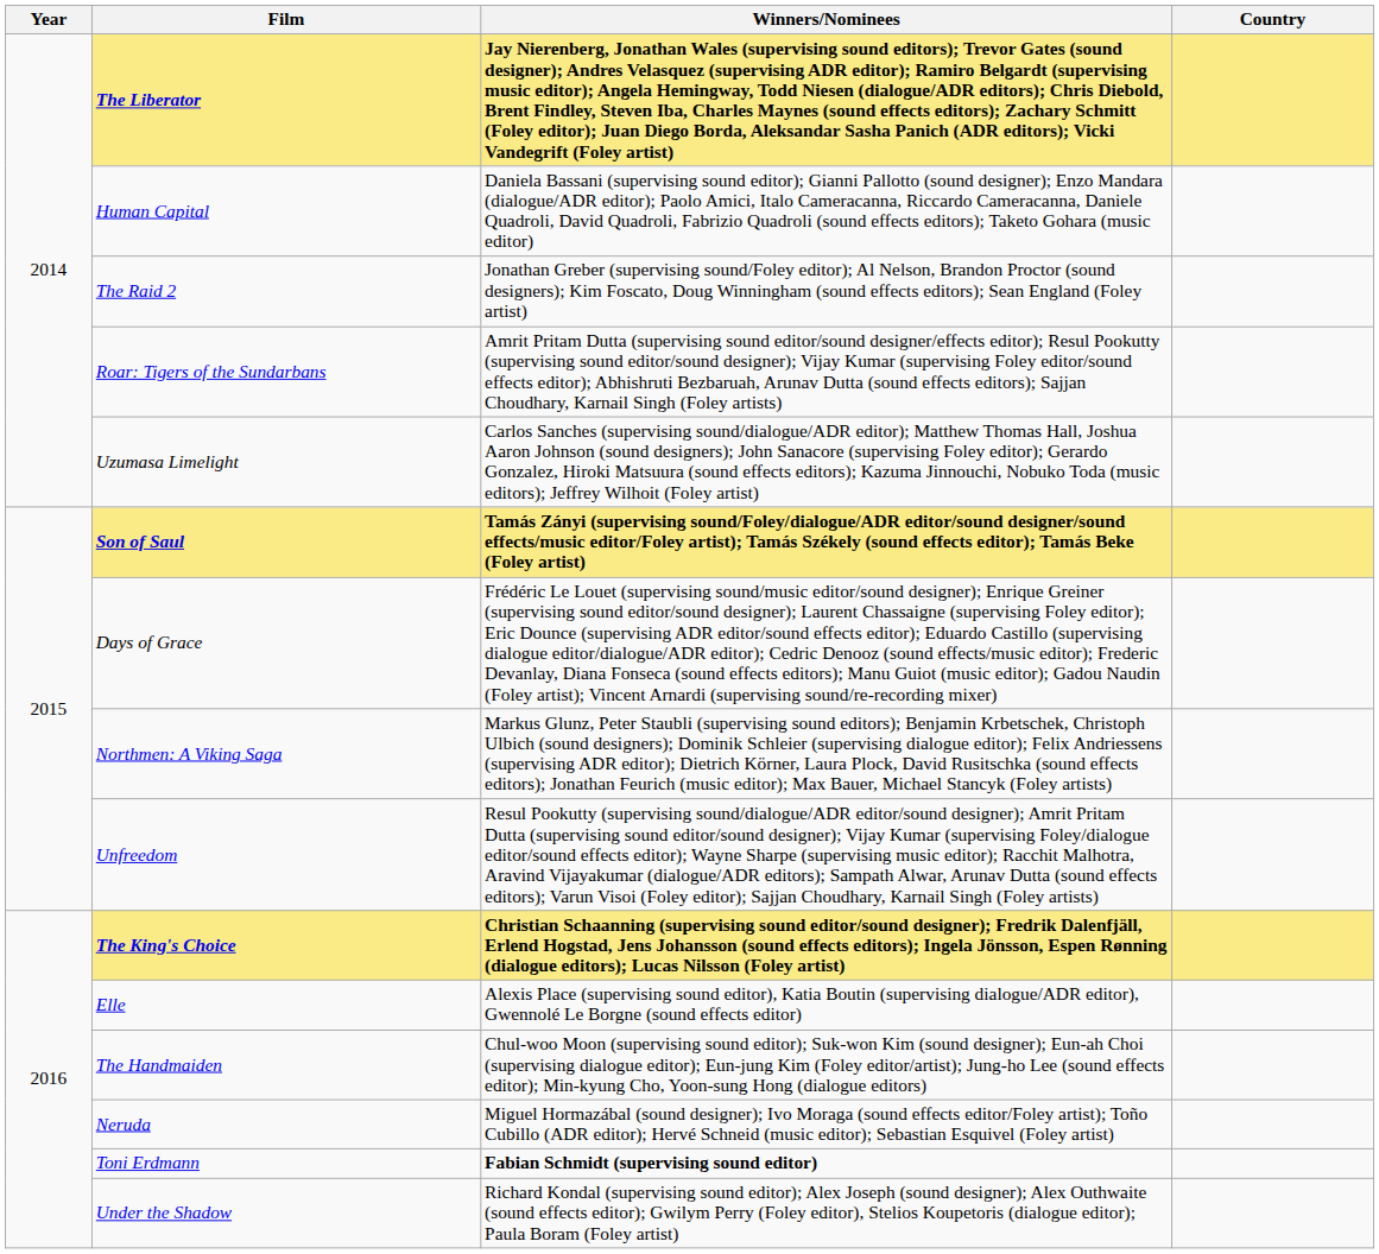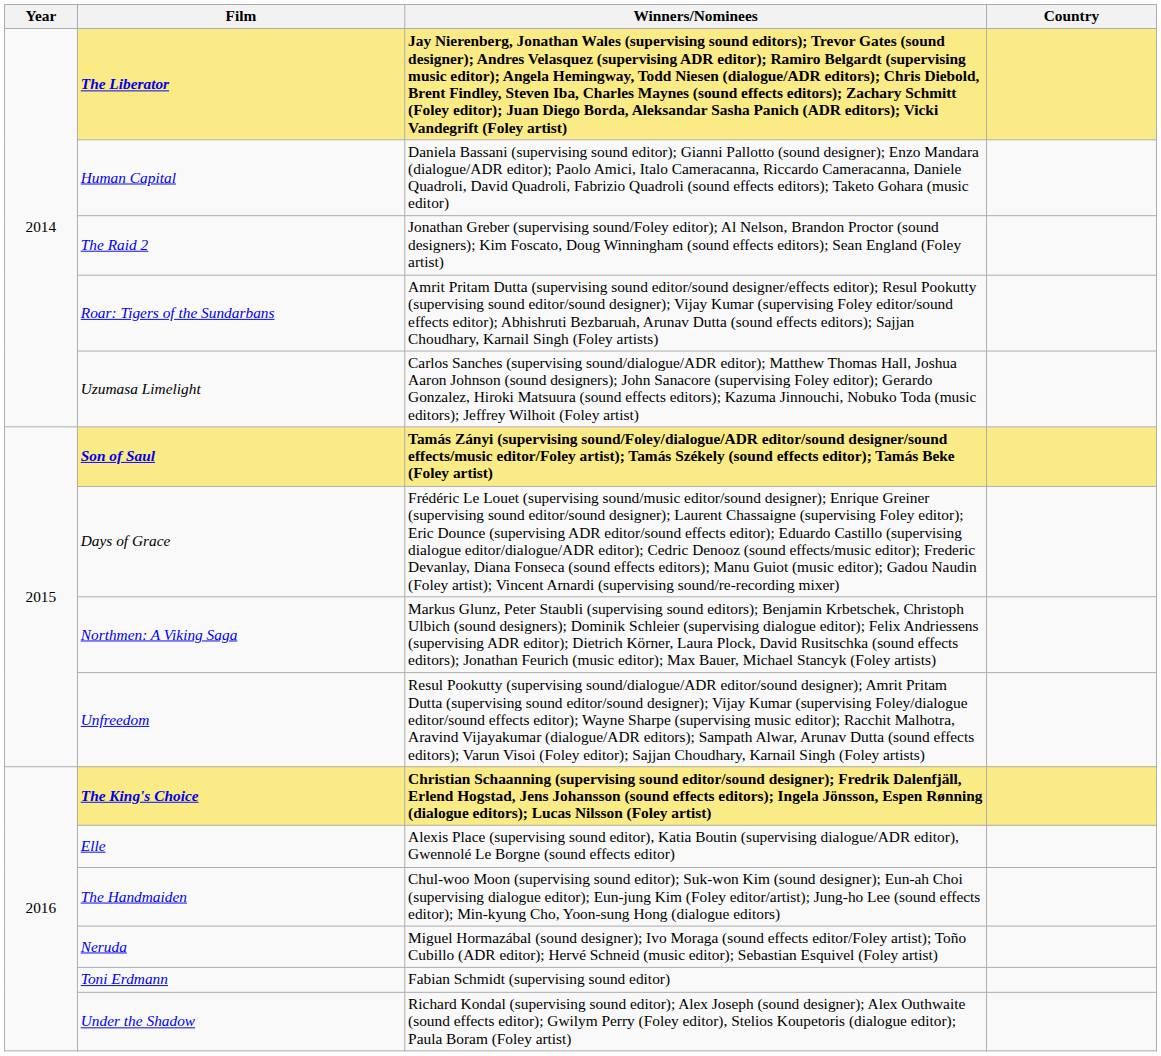 <table class="wikitable" width="95%" cellpadding="5">
 <tr>
 <th width="6%">Year</th>
 <th width="27%">Film</th>
 <th width="48%">Winners/Nominees</th>
 <th width="14%">Country</th>
 </tr>
 <tr>
 <td rowspan=5 style="text-align:center">2014<br></td>
 <td style="background:#FAEB86;"><strong><em><a href='#'>The Liberator</a></em></strong></td>
 <td style="background:#FAEB86;"><strong>Jay Nierenberg, Jonathan Wales (supervising sound editors); Trevor Gates (sound designer); Andres Velasquez (supervising ADR editor); Ramiro Belgardt (supervising music editor); Angela Hemingway, Todd Niesen (dialogue/ADR editors); Chris Diebold, Brent Findley, Steven Iba, Charles Maynes (sound effects editors); Zachary Schmitt (Foley editor); Juan Diego Borda, Aleksandar Sasha Panich (ADR editors); Vicki Vandegrift (Foley artist)</strong></td>
 <td style="background:#FAEB86;"><strong><br></strong></td>
 </tr>
 <tr>
 <td><em><a href='#'>Human Capital</a></em></td>
 <td>Daniela Bassani (supervising sound editor); Gianni Pallotto (sound designer); Enzo Mandara (dialogue/ADR editor); Paolo Amici, Italo Cameracanna, Riccardo Cameracanna, Daniele Quadroli, David Quadroli, Fabrizio Quadroli (sound effects editors); Taketo Gohara (music editor)</td>
 <td></td>
 </tr>
 <tr>
 <td><em><a href='#'>The Raid 2</a></em></td>
 <td>Jonathan Greber (supervising sound/Foley editor); Al Nelson, Brandon Proctor (sound designers); Kim Foscato, Doug Winningham (sound effects editors); Sean England (Foley artist)</td>
 <td></td>
 </tr>
 <tr>
 <td><em><a href='#'>Roar: Tigers of the Sundarbans</a></em></td>
 <td>Amrit Pritam Dutta (supervising sound editor/sound designer/effects editor); Resul Pookutty (supervising sound editor/sound designer); Vijay Kumar (supervising Foley editor/sound effects editor); Abhishruti Bezbaruah, Arunav Dutta (sound effects editors); Sajjan Choudhary, Karnail Singh (Foley artists)</td>
 <td></td>
 </tr>
 <tr>
 <td><em>Uzumasa Limelight</em></td>
 <td>Carlos Sanches (supervising sound/dialogue/ADR editor); Matthew Thomas Hall, Joshua Aaron Johnson (sound designers); John Sanacore (supervising Foley editor); Gerardo Gonzalez, Hiroki Matsuura (sound effects editors); Kazuma Jinnouchi, Nobuko Toda (music editors); Jeffrey Wilhoit (Foley artist)</td>
 <td></td>
 </tr>
 <tr>
 <td rowspan=4 style="text-align:center">2015<br></td>
 <td style="background:#FAEB86;"><strong><em><a href='#'>Son of Saul</a></em></strong></td>
 <td style="background:#FAEB86;"><strong>Tamás Zányi (supervising sound/Foley/dialogue/ADR editor/sound designer/sound effects/music editor/Foley artist); Tamás Székely (sound effects editor); Tamás Beke (Foley artist)</strong></td>
 <td style="background:#FAEB86;"><strong></strong></td>
 </tr>
 <tr>
 <td><em>Days of Grace</em></td>
 <td>Frédéric Le Louet (supervising sound/music editor/sound designer); Enrique Greiner (supervising sound editor/sound designer); Laurent Chassaigne (supervising Foley editor); Eric Dounce (supervising ADR editor/sound effects editor); Eduardo Castillo (supervising dialogue editor/dialogue/ADR editor); Cedric Denooz (sound effects/music editor); Frederic Devanlay, Diana Fonseca (sound effects editors); Manu Guiot (music editor); Gadou Naudin (Foley artist); Vincent Arnardi (supervising sound/re-recording mixer)</td>
 <td></td>
 </tr>
 <tr>
 <td><em><a href='#'>Northmen: A Viking Saga</a></em></td>
 <td>Markus Glunz, Peter Staubli (supervising sound editors); Benjamin Krbetschek, Christoph Ulbich (sound designers); Dominik Schleier (supervising dialogue editor); Felix Andriessens (supervising ADR editor); Dietrich Körner, Laura Plock, David Rusitschka (sound effects editors); Jonathan Feurich (music editor); Max Bauer, Michael Stancyk (Foley artists)</td>
 <td></td>
 </tr>
 <tr>
 <td><em><a href='#'>Unfreedom</a></em></td>
 <td>Resul Pookutty (supervising sound/dialogue/ADR editor/sound designer); Amrit Pritam Dutta (supervising sound editor/sound designer); Vijay Kumar (supervising Foley/dialogue editor/sound effects editor); Wayne Sharpe (supervising music editor); Racchit Malhotra, Aravind Vijayakumar (dialogue/ADR editors); Sampath Alwar, Arunav Dutta (sound effects editors); Varun Visoi (Foley editor); Sajjan Choudhary, Karnail Singh (Foley artists)</td>
 <td><br></td>
 </tr>
 <tr>
 <td rowspan=6 style="text-align:center">2016<br></td>
 <td style="background:#FAEB86;"><strong><em><a href='#'>The King's Choice</a></em></strong></td>
 <td style="background:#FAEB86;"><strong>Christian Schaanning (supervising sound editor/sound designer); Fredrik Dalenfjäll, Erlend Hogstad, Jens Johansson (sound effects editors); Ingela Jönsson, Espen Rønning (dialogue editors); Lucas Nilsson (Foley artist)</strong></td>
 <td style="background:#FAEB86;"><strong><br><br><br></strong></td>
 </tr>
 <tr>
 <td><em><a href='#'>Elle</a></em></td>
 <td>Alexis Place (supervising sound editor), Katia Boutin (supervising dialogue/ADR editor), Gwennolé Le Borgne (sound effects editor)</td>
 <td></td>
 </tr>
 <tr>
 <td><em><a href='#'>The Handmaiden</a></em></td>
 <td>Chul-woo Moon (supervising sound editor); Suk-won Kim (sound designer); Eun-ah Choi (supervising dialogue editor); Eun-jung Kim (Foley editor/artist); Jung-ho Lee (sound effects editor); Min-kyung Cho, Yoon-sung Hong (dialogue editors)</td>
 <td></td>
 </tr>
 <tr>
 <td><em><a href='#'>Neruda</a></em></td>
 <td>Miguel Hormazábal (sound designer); Ivo Moraga (sound effects editor/Foley artist); Toño Cubillo (ADR editor); Hervé Schneid (music editor); Sebastian Esquivel (Foley artist)</td>
 <td></td>
 </tr>
 <tr>
 <td><em><a href='#'>Toni Erdmann</a></em></td>
-<td><strong>Fabian Schmidt (supervising sound editor)</strong></td>
+<td>Fabian Schmidt (supervising sound editor)</td>
 <td><br></td>
 </tr>
 <tr>
 <td><em><a href='#'>Under the Shadow</a></em></td>
 <td>Richard Kondal (supervising sound editor); Alex Joseph (sound designer); Alex Outhwaite (sound effects editor); Gwilym Perry (Foley editor), Stelios Koupetoris (dialogue editor); Paula Boram (Foley artist)</td>
 <td><br><br></td>
 </tr>
 </table>
